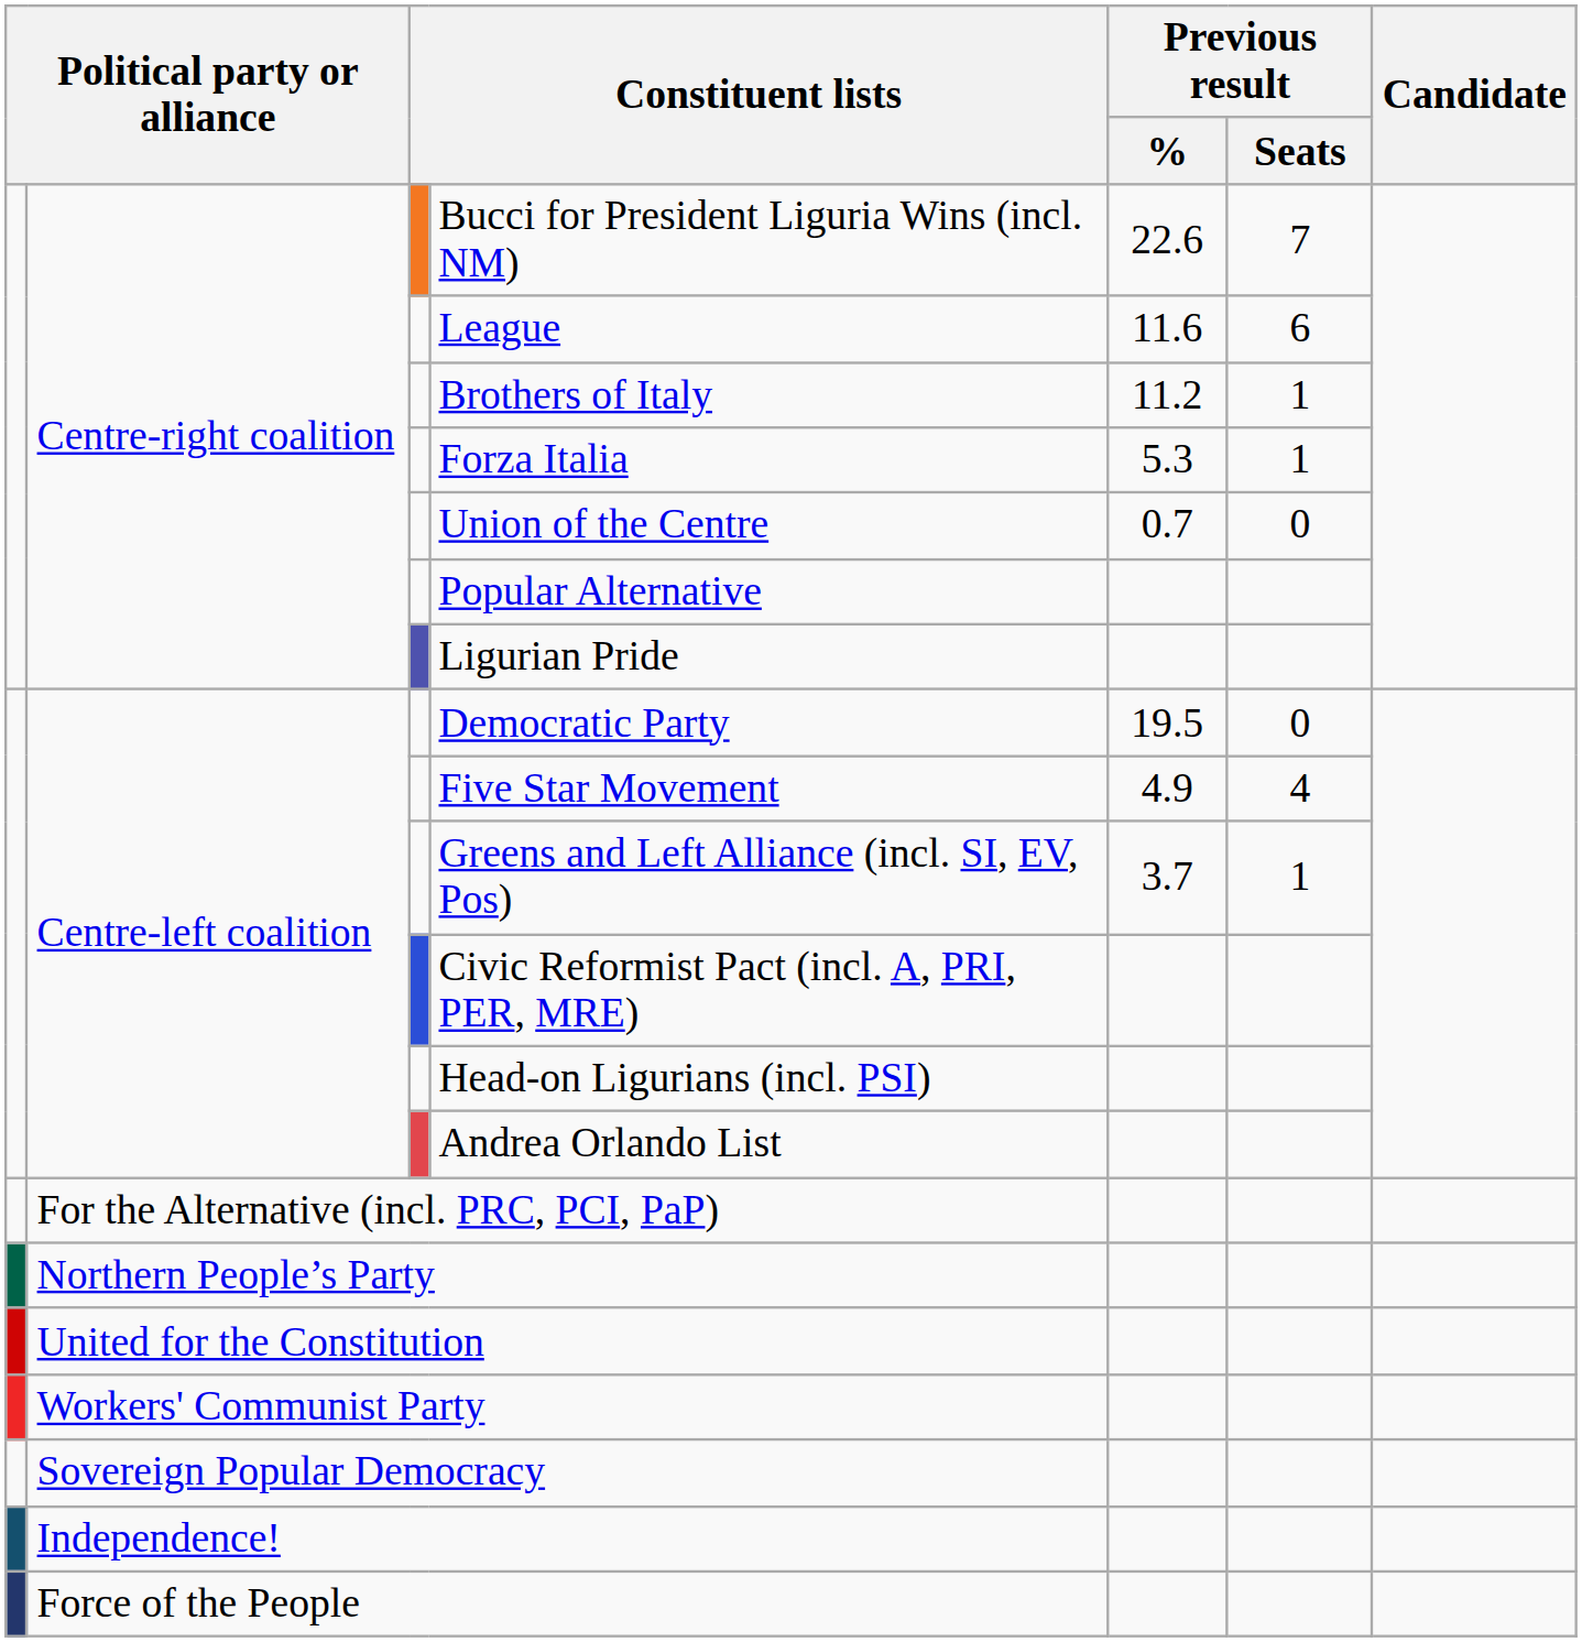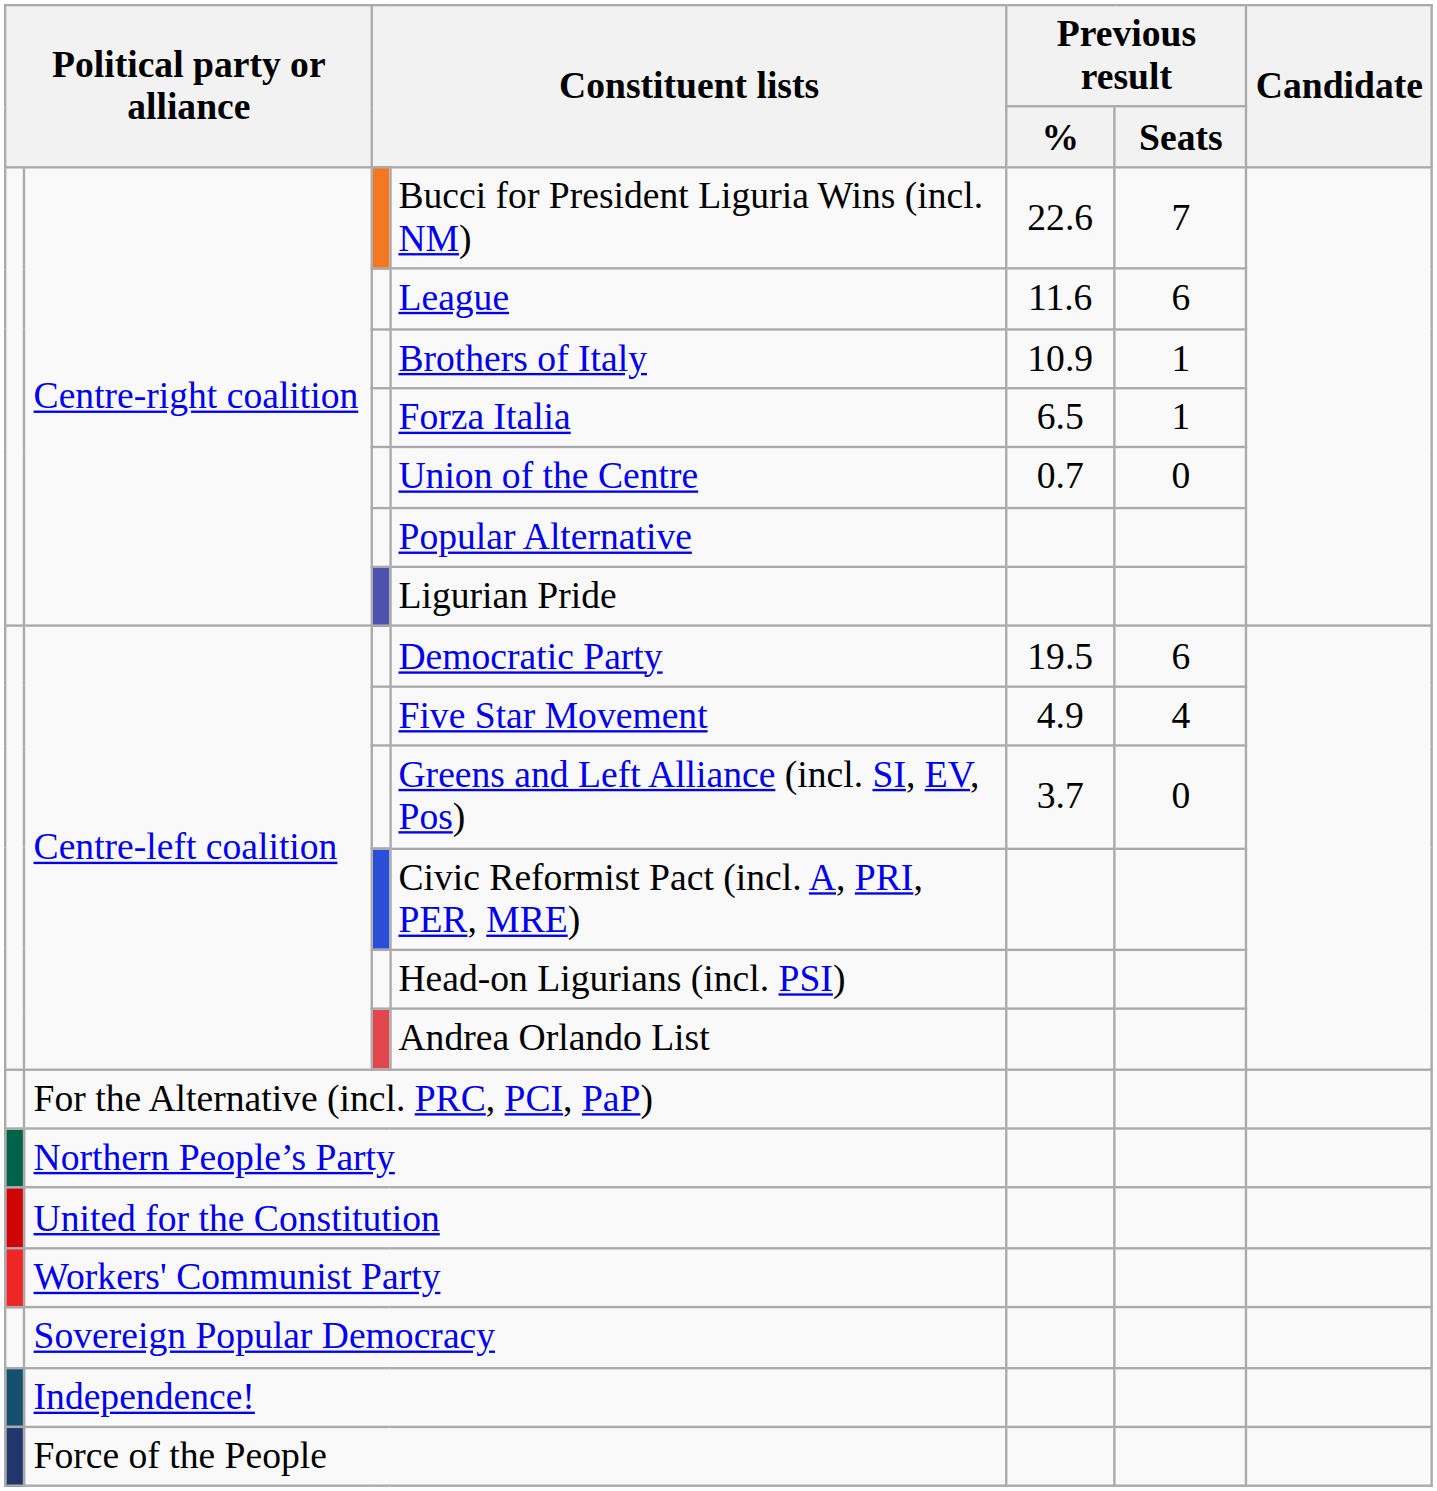 <table class=wikitable style=text-align:left>
 <tr>
 <th colspan=2 rowspan="2">Political party or alliance</th>
 <th colspan=2 rowspan="2">Constituent lists</th>
 <th colspan="2">Previous result</th>
 <th colspan="2" rowspan="2">Candidate</th>
 </tr>
 <tr>
 <th>%</th>
 <th>Seats</th>
 </tr>
 <tr>
 <td rowspan="7" style="background:"></td>
 <td rowspan=7><a href='#'>Centre-right coalition</a></td>
 <td style="background-color:#f47721"></td>
 <td style="text-align:left;">Bucci for President Liguria Wins (incl. <a href='#'>NM</a>)</td>
 <td align=center>22.6</td>
 <td align=center>7</td>
 <td rowspan="7"></td>
 </tr>
 <tr>
 <td></td>
 <td style="text-align:left;"><a href='#'>League</a></td>
 <td align=center>11.6</td>
 <td align=center>6</td>
 </tr>
 <tr>
 <td></td>
 <td style="text-align:left;"><a href='#'>Brothers of Italy</a></td>
-<td align=center>11.2</td>
+<td align=center>10.9</td>
 <td align=center>1</td>
 </tr>
 <tr>
 <td></td>
 <td style="text-align:left;"><a href='#'>Forza Italia</a></td>
-<td align=center>5.3</td>
+<td align=center>6.5</td>
 <td align=center>1</td>
 </tr>
 <tr>
 <td></td>
 <td style="text-align:left;"><a href='#'>Union of the Centre</a></td>
 <td align=center>0.7</td>
 <td align=center>0</td>
 </tr>
 <tr>
 <td></td>
 <td style="text-align:left;"><a href='#'>Popular Alternative</a></td>
 <td></td>
 <td></td>
 </tr>
 <tr>
 <td bgcolor=#4e52ae></td>
 <td style="text-align:left;">Ligurian Pride</td>
 <td></td>
 <td></td>
 </tr>
 <tr>
 <td rowspan="6"></td>
 <td rowspan=6><a href='#'>Centre-left coalition</a></td>
 <td></td>
 <td style="text-align:left;"><a href='#'>Democratic Party</a></td>
 <td style="text-align:center;">19.5</td>
-<td style="text-align:center;">0</td>
+<td style="text-align:center;">6</td>
 <td rowspan="6"></td>
 </tr>
 <tr>
 <td style="background-color:"></td>
 <td><a href='#'>Five Star Movement</a></td>
 <td align=center>4.9</td>
 <td align=center>4</td>
 </tr>
 <tr>
 <td style="background-color:"></td>
 <td><a href='#'>Greens and Left Alliance</a> (incl. <a href='#'>SI</a>, <a href='#'>EV</a>, <a href='#'>Pos</a>)</td>
 <td align=center>3.7</td>
-<td align=center>1</td>
+<td align=center>0</td>
 </tr>
 <tr>
 <td style="background-color:#2b4ed7"></td>
 <td>Civic Reformist Pact (incl. <a href='#'>A</a>, <a href='#'>PRI</a>, <a href='#'>PER</a>, <a href='#'>MRE</a>)</td>
 <td></td>
 <td></td>
 </tr>
 <tr>
 <td style="background-color:"></td>
 <td>Head-on Ligurians (incl. <a href='#'>PSI</a>)</td>
 <td></td>
 <td></td>
 </tr>
 <tr>
 <td style="background-color:#e2464d"></td>
 <td>Andrea Orlando List</td>
 <td></td>
 <td></td>
 </tr>
 <tr>
 <td style="background-color:"></td>
 <td colspan="3">For the Alternative (incl. <a href='#'>PRC</a>, <a href='#'>PCI</a>, <a href='#'>PaP</a>)</td>
 <td></td>
 <td></td>
 <td></td>
 </tr>
 <tr>
 <td style="background-color:#006248"></td>
 <td colspan="3"><a href='#'>Northern People’s Party</a></td>
 <td></td>
 <td></td>
 <td></td>
 </tr>
 <tr>
 <td style="background-color:#CF0404"></td>
 <td colspan="3"><a href='#'>United for the Constitution</a></td>
 <td></td>
 <td></td>
 <td></td>
 </tr>
 <tr>
 <td style="background-color:#ef2626"></td>
 <td colspan="3"><a href='#'>Workers' Communist Party</a></td>
 <td></td>
 <td></td>
 <td></td>
 </tr>
 <tr>
 <td style="background-color:"></td>
 <td colspan="3"><a href='#'>Sovereign Popular Democracy</a></td>
 <td></td>
 <td></td>
 <td></td>
 </tr>
 <tr>
 <td style="background-color:#14506e"></td>
 <td colspan="3"><a href='#'>Independence!</a></td>
 <td></td>
 <td></td>
 <td></td>
 </tr>
 <tr>
 <td style="background-color:#23366c"></td>
 <td colspan="3">Force of the People</td>
 <td></td>
 <td></td>
 <td></td>
 </tr>
 </table>
